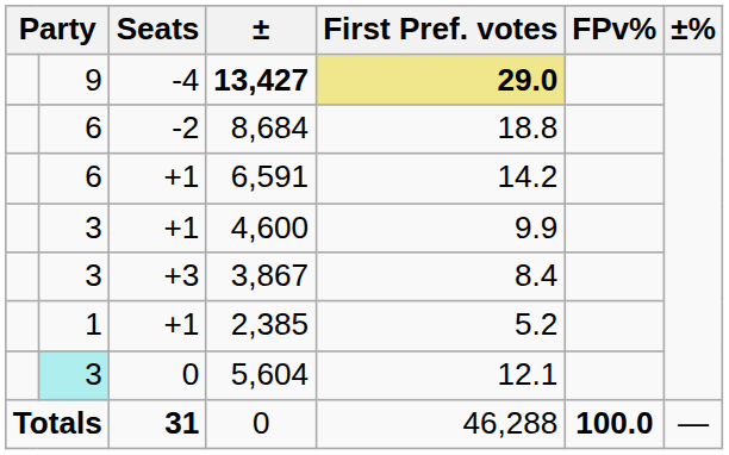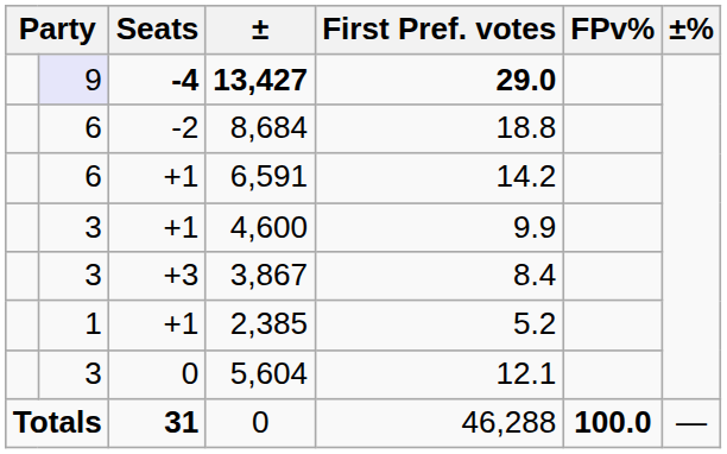 <table class=wikitable>
 <tr>
 <th colspan=2 align=center>Party</th>
 <th valign=top>Seats</th>
 <th valign=top>±</th>
 <th valign=top>First Pref. votes</th>
 <th valign=top>FPv%</th>
 <th valign=top>±%</th>
 </tr>
 <tr>
 <td></td>
-<td align=right>9</td>
-<td align=right>-4</td>
+<td align=right style="background: lavender;">9</td>
+<td align=right><strong>-4</strong></td>
 <td align=right><strong>13,427</strong></td>
-<td align=right style="background: khaki;"><strong>29.0</strong></td>
+<td align=right><strong>29.0</strong></td>
 <td align=right></td>
 </tr>
 <tr>
 <td></td>
 <td align=right>6</td>
 <td align=right>-2</td>
 <td align=right>8,684</td>
 <td align=right>18.8</td>
 <td align=right></td>
 </tr>
 <tr>
 <td></td>
 <td align=right>6</td>
 <td align=right>+1</td>
 <td align=right>6,591</td>
 <td align=right>14.2</td>
 <td align=right></td>
 </tr>
 <tr>
 <td></td>
 <td align=right>3</td>
 <td align=right>+1</td>
 <td align=right>4,600</td>
 <td align=right>9.9</td>
 <td align=right></td>
 </tr>
 <tr>
 <td></td>
 <td align=right>3</td>
 <td align=right>+3</td>
 <td align=right>3,867</td>
 <td align=right>8.4</td>
 <td align=right></td>
 </tr>
 <tr>
 <td></td>
 <td align=right>1</td>
 <td align=right>+1</td>
 <td align=right>2,385</td>
 <td align=right>5.2</td>
 <td align=right></td>
 </tr>
 <tr>
 <td></td>
-<td align=right style="background: paleturquoise;">3</td>
+<td align=right>3</td>
 <td align=right>0</td>
 <td align=right>5,604</td>
 <td align=right>12.1</td>
 <td align=right></td>
 </tr>
 <tr>
 <td colspan=2 align=center><strong>Totals</strong></td>
 <td align=right><strong>31</strong></td>
 <td align=center>0</td>
 <td align=right>46,288</td>
 <td align=center><strong>100.0</strong></td>
 <td align=center>—</td>
 </tr>
 </table>
